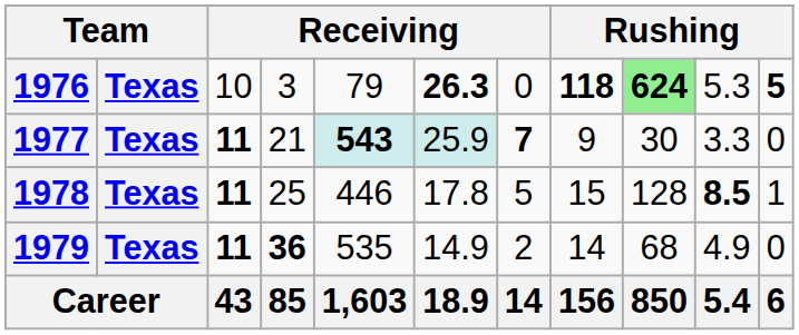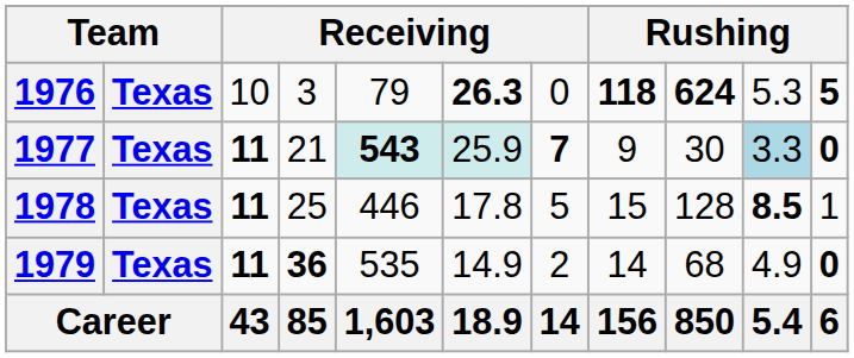 <table class="wikitable" style="text-align:center;">
 <tr>
 </tr>
 <tr>
 <th colspan="2">Team</th>
 <th colspan="5">Receiving</th>
 <th colspan="5">Rushing</th>
 </tr>
 <tr>
 <th><a href='#'>1976</a></th>
 <th><a href='#'>Texas</a></th>
 <td>10</td>
 <td>3</td>
 <td>79</td>
 <td><strong>26.3</strong></td>
 <td>0</td>
 <td><strong>118</strong></td>
-<td style="background: lightgreen;"><strong>624</strong></td>
+<td><strong>624</strong></td>
 <td>5.3</td>
 <td><strong>5</strong></td>
 </tr>
 <tr>
 <th><a href='#'>1977</a></th>
 <th><a href='#'>Texas</a></th>
 <td><strong>11</strong></td>
 <td>21</td>
 <td style="background:#cfecec;"><strong>543</strong></td>
 <td style="background:#cfecec;">25.9</td>
 <td><strong>7</strong></td>
 <td>9</td>
 <td>30</td>
-<td>3.3</td>
-<td>0</td>
+<td style="background: lightblue;">3.3</td>
+<td><strong>0</strong></td>
 </tr>
 <tr>
 <th><a href='#'>1978</a></th>
 <th><a href='#'>Texas</a></th>
 <td><strong>11</strong></td>
 <td>25</td>
 <td>446</td>
 <td>17.8</td>
 <td>5</td>
 <td>15</td>
 <td>128</td>
 <td><strong>8.5</strong></td>
 <td>1</td>
 </tr>
 <tr>
 <th><a href='#'>1979</a></th>
 <th><a href='#'>Texas</a></th>
 <td><strong>11</strong></td>
 <td><strong>36</strong></td>
 <td>535</td>
 <td>14.9</td>
 <td>2</td>
 <td>14</td>
 <td>68</td>
 <td>4.9</td>
-<td>0</td>
+<td><strong>0</strong></td>
 </tr>
 <tr>
 <th colspan="2">Career</th>
 <th>43</th>
 <th>85</th>
 <th>1,603</th>
 <th>18.9</th>
 <th>14</th>
 <th>156</th>
 <th>850</th>
 <th>5.4</th>
 <th>6</th>
 </tr>
 </table>
